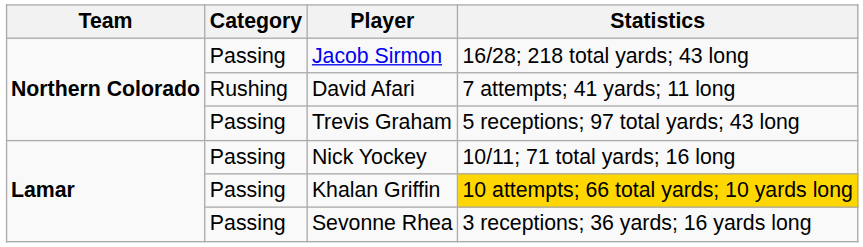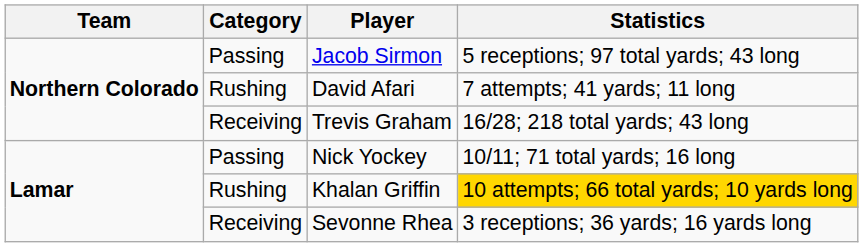 <table class="wikitable" style="float: right;">
 <tr>
 <th>Team</th>
 <th>Category</th>
 <th>Player</th>
 <th>Statistics</th>
 </tr>
 <tr>
 <td rowspan=3><strong>Northern Colorado</strong></td>
 <td>Passing</td>
 <td><a href='#'>Jacob Sirmon</a></td>
-<td>16/28; 218 total yards; 43 long</td>
+<td>5 receptions; 97 total yards; 43 long</td>
 </tr>
 <tr>
 <td>Rushing</td>
 <td>David Afari</td>
 <td>7 attempts; 41 yards; 11 long</td>
 </tr>
 <tr>
-<td>Passing</td>
+<td>Receiving</td>
 <td>Trevis Graham</td>
-<td>5 receptions; 97 total yards; 43 long</td>
+<td>16/28; 218 total yards; 43 long</td>
 </tr>
 <tr>
 <td rowspan=3><strong>Lamar</strong></td>
 <td>Passing</td>
 <td>Nick Yockey</td>
 <td>10/11; 71 total yards; 16 long</td>
 </tr>
 <tr>
-<td>Passing</td>
+<td>Rushing</td>
 <td>Khalan Griffin</td>
 <td style="background: gold;">10 attempts; 66 total yards; 10 yards long</td>
 </tr>
 <tr>
-<td>Passing</td>
+<td>Receiving</td>
 <td>Sevonne Rhea</td>
 <td>3 receptions; 36 yards; 16 yards long</td>
 </tr>
 </table>
